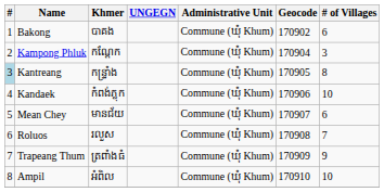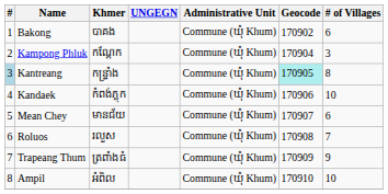 <table class="wikitable sortable">
 <tr>
 <th>#</th>
 <th>Name</th>
 <th>Khmer</th>
 <th><a href='#'>UNGEGN</a></th>
 <th>Administrative Unit</th>
 <th>Geocode</th>
 <th># of Villages</th>
 </tr>
 <tr>
 <td>1</td>
 <td>Bakong</td>
 <td>បាគង</td>
 <td></td>
 <td>Commune (ឃុំ Khum)</td>
 <td>170902</td>
 <td>6</td>
 </tr>
 <tr>
 <td>2</td>
 <td><a href='#'>Kampong Phluk</a></td>
 <td>កណ្ដែក</td>
 <td></td>
 <td>Commune (ឃុំ Khum)</td>
 <td>170904</td>
 <td>3</td>
 </tr>
 <tr>
 <td style="background: lightblue;">3</td>
 <td>Kantreang</td>
 <td>កន្ទ្រាំង</td>
 <td></td>
 <td>Commune (ឃុំ Khum)</td>
-<td>170905</td>
+<td style="background: paleturquoise;">170905</td>
 <td>8</td>
 </tr>
 <tr>
 <td>4</td>
 <td>Kandaek</td>
 <td>កំពង់ភ្លុក</td>
 <td></td>
 <td>Commune (ឃុំ Khum)</td>
 <td>170906</td>
 <td>10</td>
 </tr>
 <tr>
 <td>5</td>
 <td>Mean Chey</td>
 <td>មានជ័យ</td>
 <td></td>
 <td>Commune (ឃុំ Khum)</td>
 <td>170907</td>
 <td>6</td>
 </tr>
 <tr>
 <td>6</td>
 <td>Roluos</td>
 <td>រលួស</td>
 <td></td>
 <td>Commune (ឃុំ Khum)</td>
 <td>170908</td>
 <td>7</td>
 </tr>
 <tr>
 <td>7</td>
 <td>Trapeang Thum</td>
 <td>ត្រពាំងធំ</td>
 <td></td>
 <td>Commune (ឃុំ Khum)</td>
 <td>170909</td>
 <td>9</td>
 </tr>
 <tr>
 <td>8</td>
 <td>Ampil</td>
 <td>អំពិល</td>
 <td></td>
 <td>Commune (ឃុំ Khum)</td>
 <td>170910</td>
 <td>10</td>
 </tr>
 <tr>
 </tr>
 </table>
